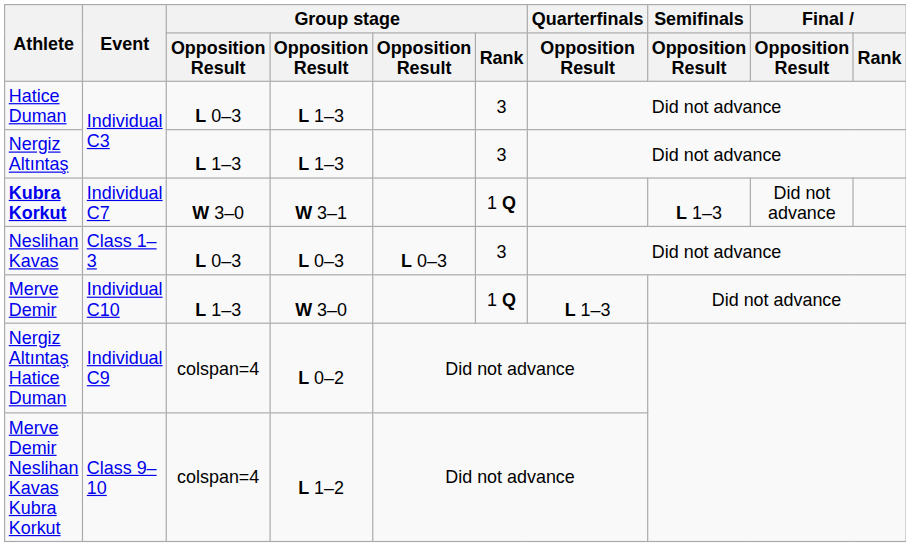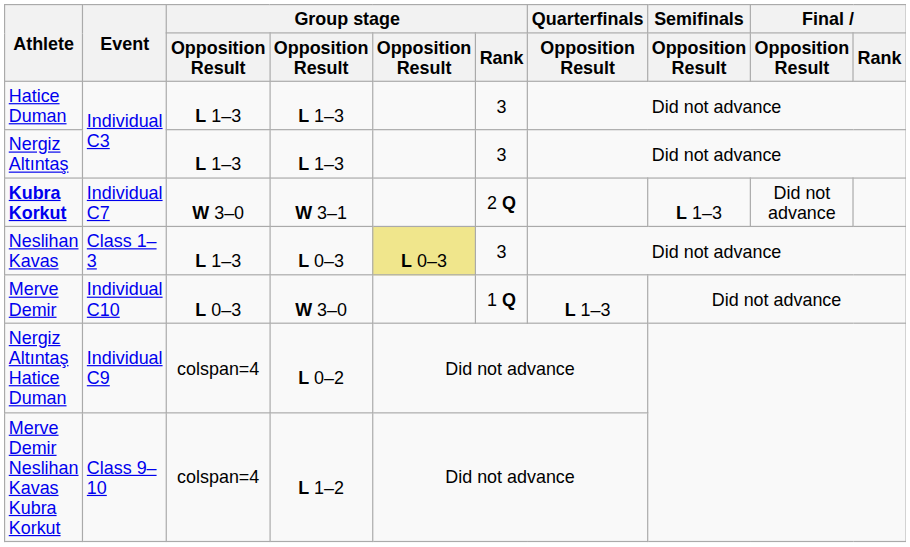 <table class=wikitable style="font-size:95%">
 <tr>
 <th rowspan="2">Athlete</th>
 <th rowspan="2">Event</th>
 <th colspan="4">Group stage</th>
 <th>Quarterfinals</th>
 <th>Semifinals</th>
 <th colspan="2">Final / </th>
 </tr>
 <tr>
 <th>Opposition<br>Result</th>
 <th>Opposition<br>Result</th>
 <th>Opposition<br>Result</th>
 <th>Rank</th>
 <th>Opposition<br>Result</th>
 <th>Opposition<br>Result</th>
 <th>Opposition<br>Result</th>
 <th>Rank</th>
 </tr>
 <tr align=center>
 <td align="left"><a href='#'>Hatice Duman</a></td>
 <td rowspan="2" align="left"><a href='#'>Individual C3</a></td>
-<td><br><strong>L</strong> 0–3</td>
+<td><br><strong>L</strong> 1–3</td>
 <td><br><strong>L</strong> 1–3</td>
 <td></td>
 <td>3</td>
 <td colspan=4>Did not advance</td>
 </tr>
 <tr align=center>
 <td align=left><a href='#'>Nergiz Altıntaş</a></td>
 <td><br><strong>L</strong> 1–3</td>
 <td><br><strong>L</strong> 1–3</td>
 <td></td>
 <td>3</td>
 <td colspan=4>Did not advance</td>
 </tr>
 <tr align=center>
 <td align=left><strong><a href='#'>Kubra Korkut</a></strong></td>
 <td align=left><a href='#'>Individual C7</a></td>
 <td><br><strong>W</strong> 3–0</td>
 <td><br><strong>W</strong> 3–1</td>
 <td></td>
-<td>1 <strong>Q</strong></td>
+<td>2 <strong>Q</strong></td>
 <td></td>
 <td><br><strong>L</strong> 1–3</td>
 <td>Did not advance</td>
 <td></td>
 </tr>
 <tr align=center>
 <td align=left><a href='#'>Neslihan Kavas</a></td>
 <td align=left><a href='#'>Class 1–3</a></td>
+<td><br><strong>L</strong> 1–3</td>
 <td><br><strong>L</strong> 0–3</td>
-<td><br><strong>L</strong> 0–3</td>
-<td><br><strong>L</strong> 0–3</td>
+<td style="background: khaki;"><br><strong>L</strong> 0–3</td>
 <td>3</td>
 <td colspan=4>Did not advance</td>
 </tr>
 <tr align=center>
 <td align=left><a href='#'>Merve Demir</a></td>
 <td align=left><a href='#'>Individual C10</a></td>
-<td><br><strong>L</strong> 1–3</td>
+<td><br><strong>L</strong> 0–3</td>
 <td><br><strong>W</strong> 3–0</td>
 <td></td>
 <td>1 <strong>Q</strong></td>
 <td><br><strong>L</strong> 1–3</td>
 <td colspan=4>Did not advance</td>
 </tr>
 <tr align=center>
 <td align=left><a href='#'>Nergiz Altıntaş</a><br><a href='#'>Hatice Duman</a></td>
 <td align=left><a href='#'>Individual C9</a></td>
 <td>colspan=4 </td>
 <td><br><strong>L</strong> 0–2</td>
 <td colspan=3>Did not advance</td>
 </tr>
 <tr align=center>
 <td align=left><a href='#'>Merve Demir</a><br><a href='#'>Neslihan Kavas</a><br><a href='#'>Kubra Korkut</a></td>
 <td align=left><a href='#'>Class 9–10</a></td>
 <td>colspan=4 </td>
 <td><br><strong>L</strong> 1–2</td>
 <td colspan=3>Did not advance</td>
 </tr>
 </table>
